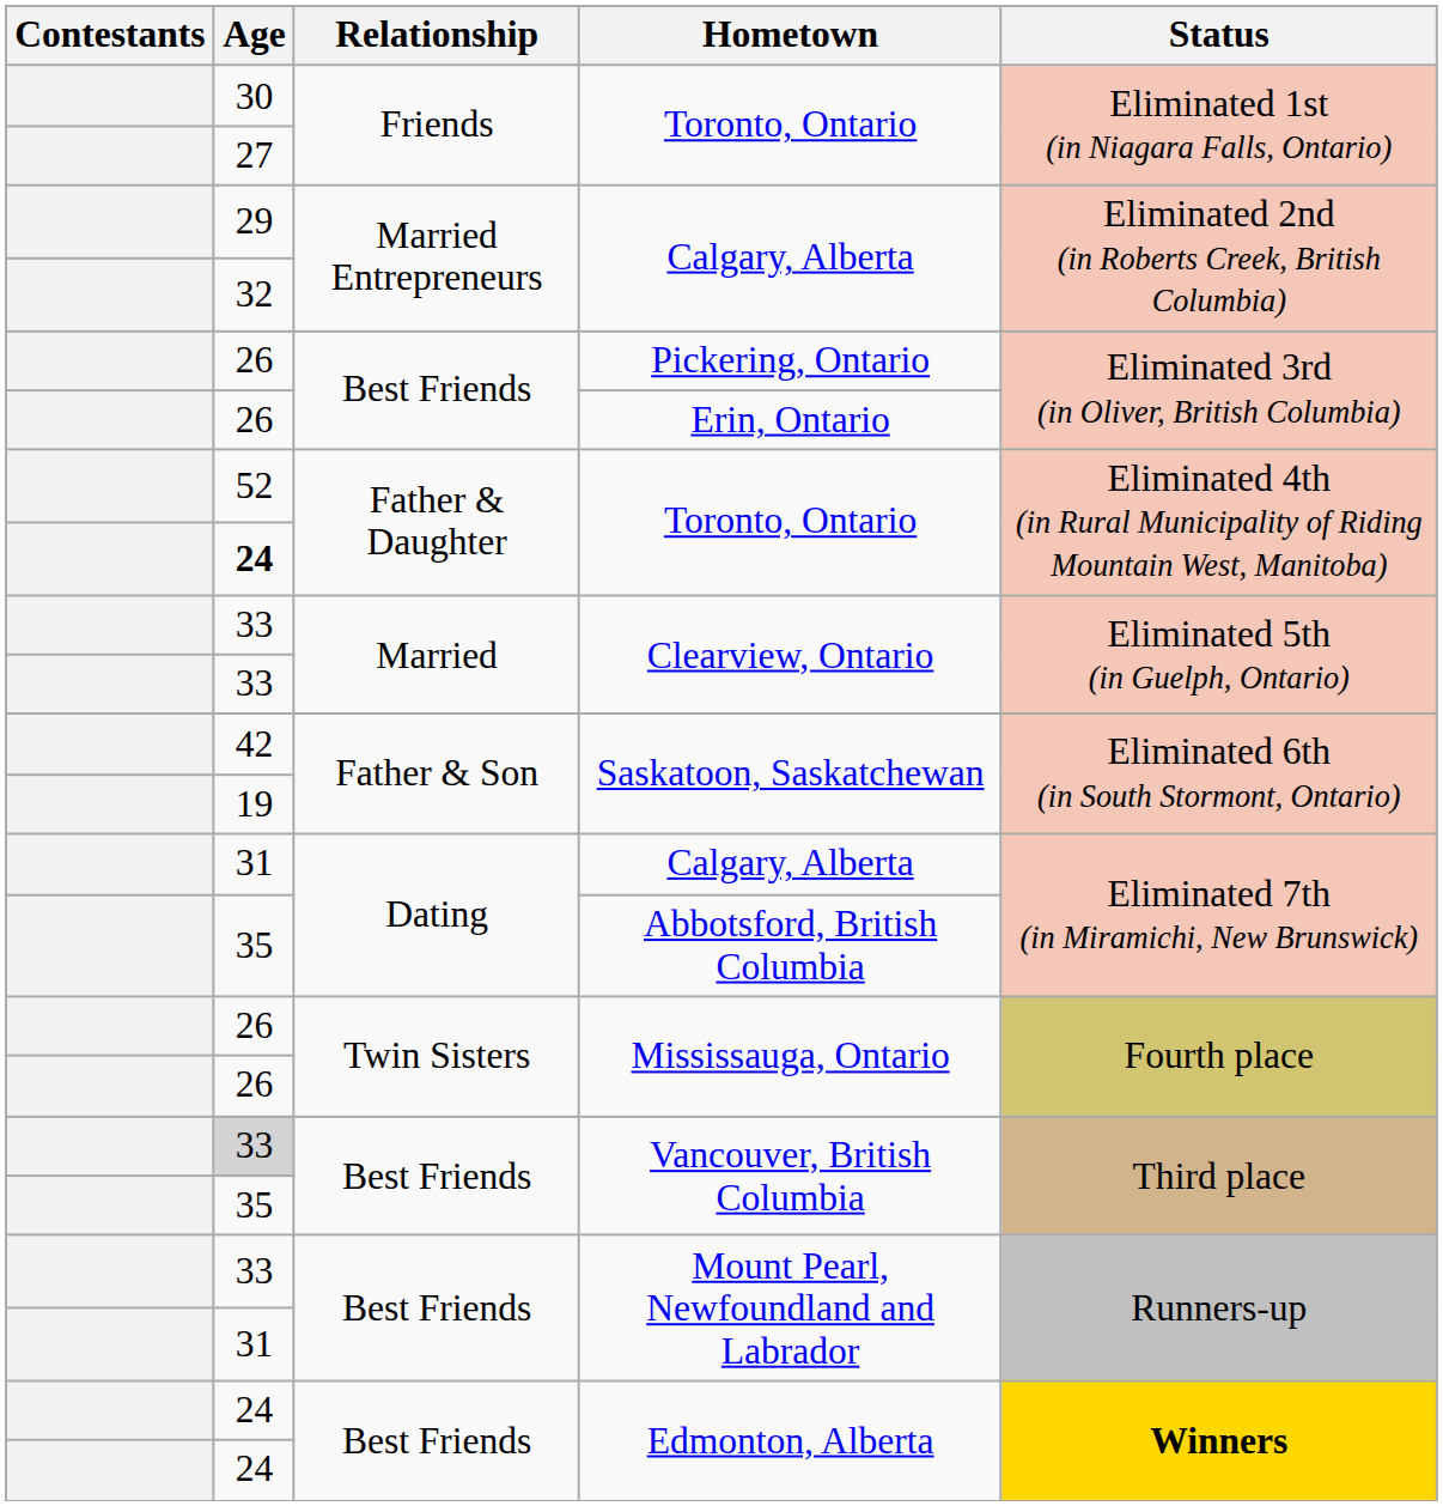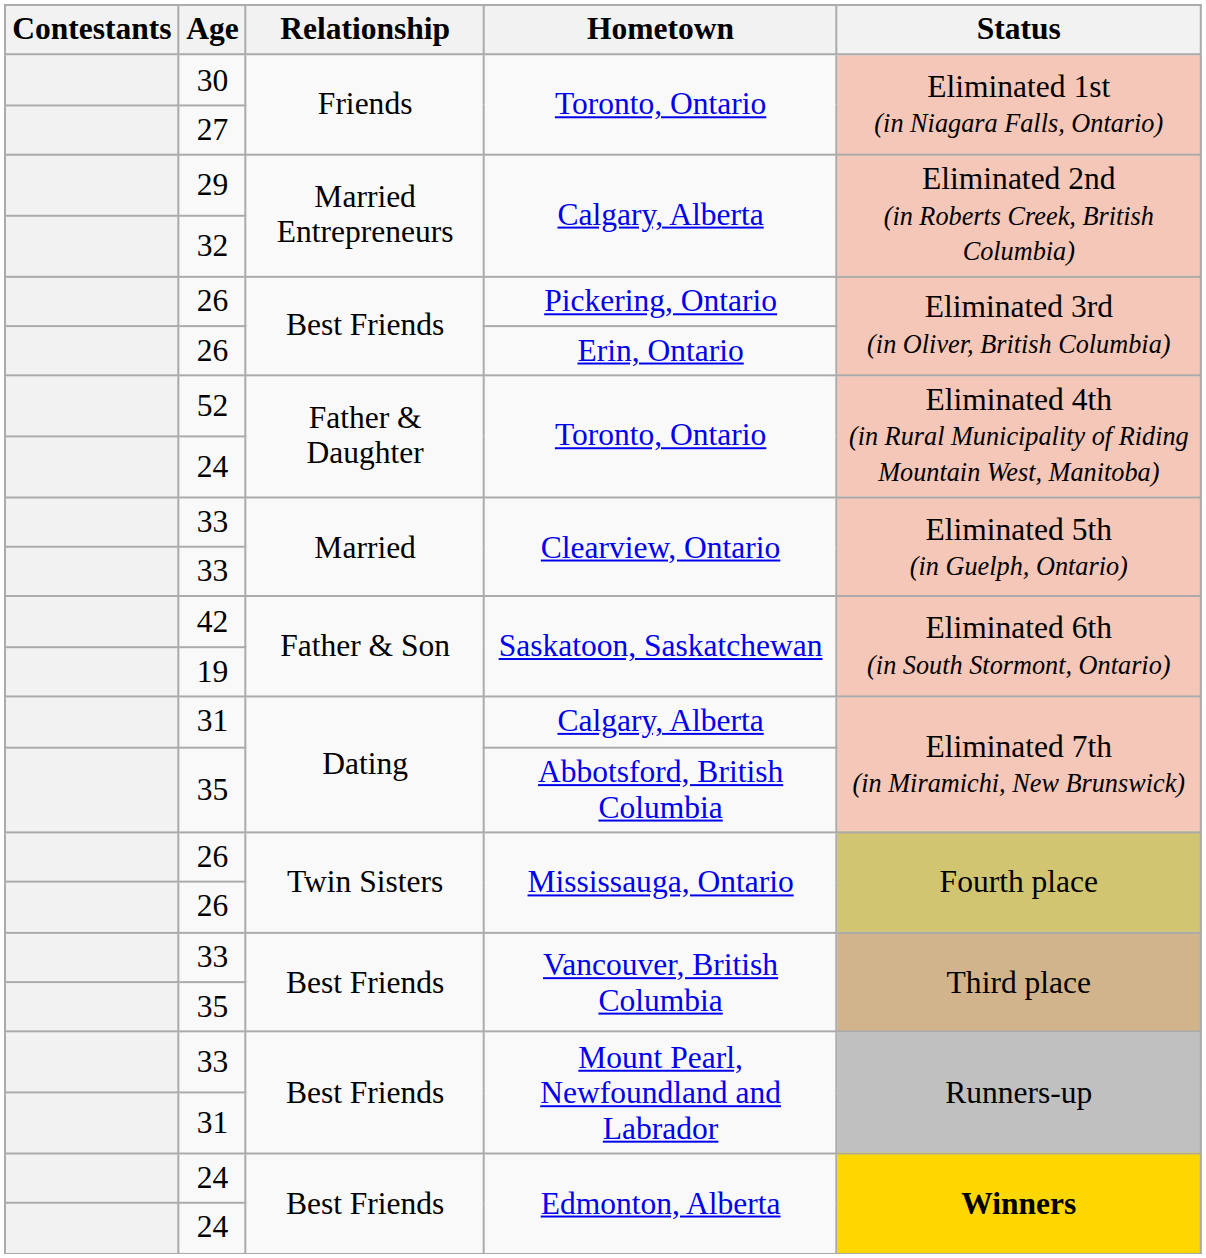 <table class="wikitable sortable" style="text-align:center;">
 <tr>
 <th scope="col">Contestants</th>
 <th scope="col">Age</th>
 <th class="unsortable" scope="col">Relationship</th>
 <th scope="col" class="unsortable">Hometown</th>
 <th scope="col">Status</th>
 </tr>
 <tr>
 <th scope="row"></th>
 <td>30</td>
 <td rowspan="2">Friends</td>
 <td rowspan="2"><a href='#'>Toronto, Ontario</a></td>
 <td rowspan="2" bgcolor="f4c7b8">Eliminated 1st<br><small><em>(in Niagara Falls, Ontario)</em></small></td>
 </tr>
 <tr>
 <th scope="row"></th>
 <td>27</td>
 </tr>
 <tr>
 <th scope="row"></th>
 <td>29</td>
 <td rowspan="2">Married Entrepreneurs</td>
 <td rowspan="2"><a href='#'>Calgary, Alberta</a></td>
 <td rowspan="2" bgcolor="f4c7b8">Eliminated 2nd<br><small><em>(in Roberts Creek, British Columbia)</em></small></td>
 </tr>
 <tr>
 <th scope="row"></th>
 <td>32</td>
 </tr>
 <tr>
 <th scope="row"></th>
 <td>26</td>
 <td rowspan="2">Best Friends</td>
 <td><a href='#'>Pickering, Ontario</a></td>
 <td rowspan="2" bgcolor="f4c7b8">Eliminated 3rd<br><small><em>(in Oliver, British Columbia)</em></small></td>
 </tr>
 <tr>
 <th scope="row"></th>
 <td>26</td>
 <td><a href='#'>Erin, Ontario</a></td>
 </tr>
 <tr>
 <th scope="row"></th>
 <td>52</td>
 <td rowspan="2">Father & Daughter</td>
 <td rowspan="2"><a href='#'>Toronto, Ontario</a></td>
 <td rowspan="2" bgcolor="f4c7b8">Eliminated 4th<br><small><em>(in Rural Municipality of Riding Mountain West, Manitoba)</em></small></td>
 </tr>
 <tr>
 <th scope="row"></th>
-<td><strong>24</strong></td>
+<td>24</td>
 </tr>
 <tr>
 <th scope="row"></th>
 <td>33</td>
 <td rowspan="2">Married</td>
 <td rowspan="2"><a href='#'>Clearview, Ontario</a></td>
 <td rowspan="2" bgcolor="f4c7b8">Eliminated 5th<br><small><em>(in Guelph, Ontario)</em></small></td>
 </tr>
 <tr>
 <th scope="row"></th>
 <td>33</td>
 </tr>
 <tr>
 <th scope="row"></th>
 <td>42</td>
 <td rowspan="2">Father & Son</td>
 <td rowspan="2"><a href='#'>Saskatoon, Saskatchewan</a></td>
 <td rowspan="2" bgcolor="f4c7b8">Eliminated 6th<br><small><em>(in South Stormont, Ontario)</em></small></td>
 </tr>
 <tr>
 <th scope="row"></th>
 <td>19</td>
 </tr>
 <tr>
 <th scope="row"></th>
 <td>31</td>
 <td rowspan="2">Dating</td>
 <td><a href='#'>Calgary, Alberta</a></td>
 <td rowspan="2" bgcolor="f4c7b8">Eliminated 7th<br><small><em>(in Miramichi, New Brunswick)</em></small></td>
 </tr>
 <tr>
 <th scope="row"></th>
 <td>35</td>
 <td><a href='#'>Abbotsford, British Columbia</a></td>
 </tr>
 <tr>
 <th scope="row"></th>
 <td>26</td>
 <td rowspan="2">Twin Sisters</td>
 <td rowspan="2"><a href='#'>Mississauga, Ontario</a></td>
 <td rowspan="2" bgcolor="d1c571">Fourth place</td>
 </tr>
 <tr>
 <th scope="row"></th>
 <td>26</td>
 </tr>
 <tr>
 <th scope="row"></th>
-<td style="background: lightgrey;">33</td>
+<td>33</td>
 <td rowspan="2">Best Friends</td>
 <td rowspan="2"><a href='#'>Vancouver, British Columbia</a></td>
 <td rowspan="2" bgcolor="tan">Third place</td>
 </tr>
 <tr>
 <th scope="row"></th>
 <td>35</td>
 </tr>
 <tr>
 <th scope="row"></th>
 <td>33</td>
 <td rowspan="2">Best Friends</td>
 <td rowspan="2"><a href='#'>Mount Pearl, Newfoundland and Labrador</a></td>
 <td rowspan="2" bgcolor="silver">Runners-up</td>
 </tr>
 <tr>
 <th scope="row"></th>
 <td>31</td>
 </tr>
 <tr>
 <th scope="row"></th>
 <td>24</td>
 <td rowspan="2">Best Friends</td>
 <td rowspan="2"><a href='#'>Edmonton, Alberta</a></td>
 <td rowspan="2" bgcolor="gold"><strong>Winners</strong></td>
 </tr>
 <tr>
 <th scope="row"></th>
 <td>24</td>
 </tr>
 <tr>
 </tr>
 </table>
